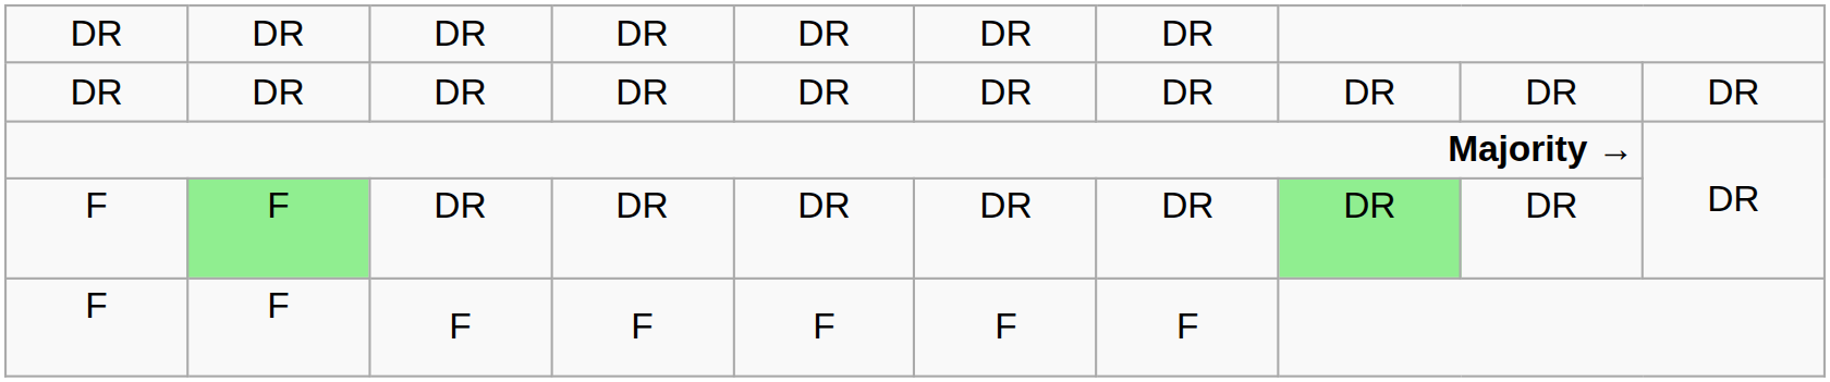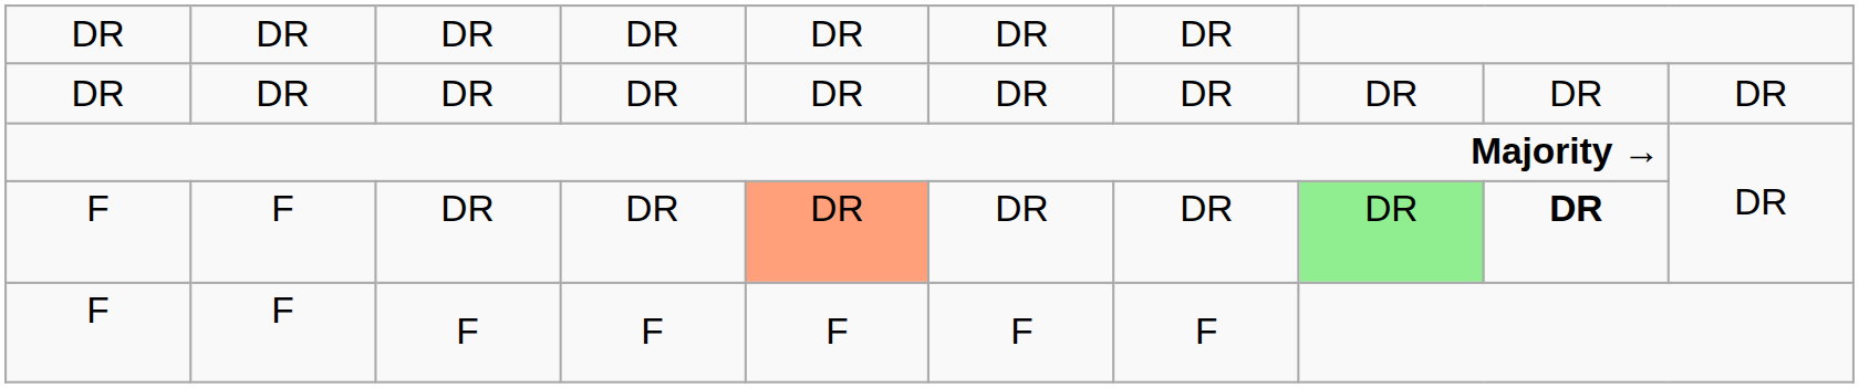 <table class="wikitable" style="text-align:center" width=800px>
 <tr>
 <td>DR</td>
 <td>DR</td>
 <td>DR</td>
 <td>DR</td>
 <td>DR</td>
 <td>DR</td>
 <td>DR</td>
 </tr>
 <tr>
 <td width=50px >DR</td>
 <td width=50px >DR</td>
 <td width=50px >DR</td>
 <td width=50px >DR</td>
 <td width=50px >DR</td>
 <td width=50px >DR</td>
 <td width=50px >DR</td>
 <td width=50px >DR</td>
 <td width=50px >DR</td>
 <td width=50px >DR</td>
 </tr>
 <tr>
 <td colspan=9 style="text-align:right"><strong>Majority →</strong></td>
 <td rowspan=2 >DR</td>
 </tr>
 <tr>
 <td>F<br><br></td>
-<td style="background: lightgreen;">F<br><br></td>
+<td>F<br><br></td>
 <td>DR<br><br></td>
 <td>DR<br><br></td>
-<td>DR<br><br></td>
+<td style="background: lightsalmon;">DR<br><br></td>
 <td>DR<br><br></td>
 <td>DR<br><br></td>
 <td style="background: lightgreen;">DR<br><br></td>
-<td>DR<br><br></td>
+<td><strong>DR<br><br></strong></td>
 </tr>
 <tr>
 <td>F<br><br></td>
 <td>F<br><br></td>
 <td>F</td>
 <td>F</td>
 <td>F</td>
 <td>F</td>
 <td>F</td>
 </tr>
 </table>
